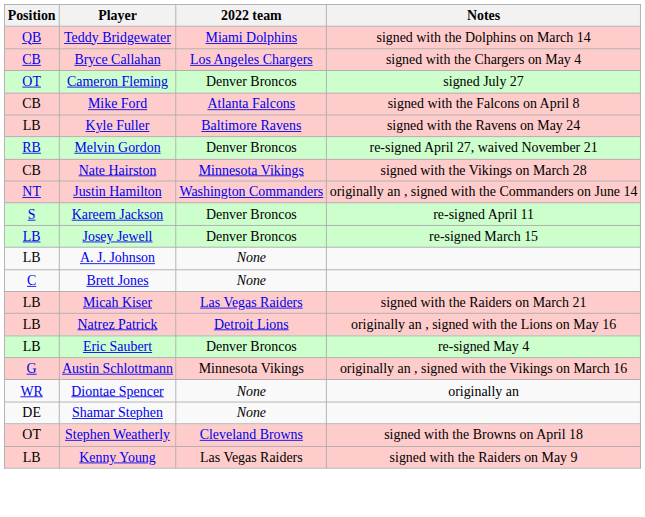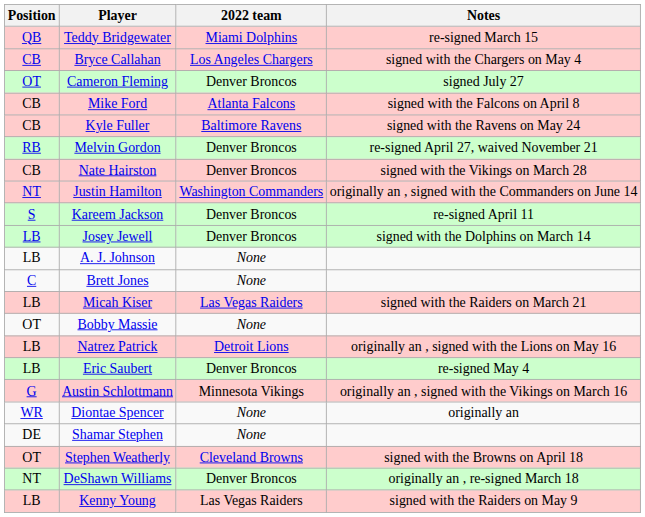 <table class="wikitable" style="text-align:center">
 <tr>
 <th>Position</th>
 <th>Player</th>
 <th>2022 team</th>
 <th>Notes</th>
 </tr>
 <tr style="background:#fcc">
 <td><a href='#'>QB</a></td>
 <td><a href='#'>Teddy Bridgewater</a></td>
 <td><a href='#'>Miami Dolphins</a></td>
-<td>signed with the Dolphins on March 14</td>
+<td>re-signed March 15</td>
 </tr>
 <tr style="background:#fcc">
 <td><a href='#'>CB</a></td>
 <td><a href='#'>Bryce Callahan</a></td>
 <td><a href='#'>Los Angeles Chargers</a></td>
 <td>signed with the Chargers on May 4</td>
 </tr>
 <tr style="background:#cfc">
 <td><a href='#'>OT</a></td>
 <td><a href='#'>Cameron Fleming</a></td>
 <td>Denver Broncos</td>
 <td>signed July 27</td>
 </tr>
 <tr style="background:#fcc">
 <td>CB</td>
 <td><a href='#'>Mike Ford</a></td>
 <td><a href='#'>Atlanta Falcons</a></td>
 <td>signed with the Falcons on April 8</td>
 </tr>
 <tr style="background:#fcc">
-<td>LB</td>
+<td>CB</td>
 <td><a href='#'>Kyle Fuller</a></td>
 <td><a href='#'>Baltimore Ravens</a></td>
 <td>signed with the Ravens on May 24</td>
 </tr>
 <tr style="background:#cfc">
 <td><a href='#'>RB</a></td>
 <td><a href='#'>Melvin Gordon</a></td>
 <td>Denver Broncos</td>
 <td>re-signed April 27, waived November 21</td>
 </tr>
 <tr style="background:#fcc">
 <td>CB</td>
 <td><a href='#'>Nate Hairston</a></td>
-<td><a href='#'>Minnesota Vikings</a></td>
+<td>Denver Broncos</td>
 <td>signed with the Vikings on March 28</td>
 </tr>
 <tr style="background:#fcc">
 <td><a href='#'>NT</a></td>
 <td><a href='#'>Justin Hamilton</a></td>
 <td><a href='#'>Washington Commanders</a></td>
 <td>originally an , signed with the Commanders on June 14</td>
 </tr>
 <tr style="background:#cfc">
 <td><a href='#'>S</a></td>
 <td><a href='#'>Kareem Jackson</a></td>
 <td>Denver Broncos</td>
 <td>re-signed April 11</td>
 </tr>
 <tr style="background:#cfc">
 <td><a href='#'>LB</a></td>
 <td><a href='#'>Josey Jewell</a></td>
 <td>Denver Broncos</td>
-<td>re-signed March 15</td>
+<td>signed with the Dolphins on March 14</td>
 </tr>
 <tr style="background:#">
 <td>LB</td>
 <td><a href='#'>A. J. Johnson</a></td>
 <td><em>None</em></td>
 <td></td>
 </tr>
 <tr style="background:#">
 <td><a href='#'>C</a></td>
 <td><a href='#'>Brett Jones</a></td>
 <td><em>None</em></td>
 <td></td>
 </tr>
 <tr style="background:#fcc">
 <td>LB</td>
 <td><a href='#'>Micah Kiser</a></td>
 <td><a href='#'>Las Vegas Raiders</a></td>
 <td>signed with the Raiders on March 21</td>
+</tr>
+<tr style="background:#">
+<td>OT</td>
+<td><a href='#'>Bobby Massie</a></td>
+<td><em>None</em></td>
+<td></td>
 </tr>
 <tr style="background:#fcc">
 <td>LB</td>
 <td><a href='#'>Natrez Patrick</a></td>
 <td><a href='#'>Detroit Lions</a></td>
 <td>originally an , signed with the Lions on May 16</td>
 </tr>
 <tr style="background:#cfc">
 <td>LB</td>
 <td><a href='#'>Eric Saubert</a></td>
 <td>Denver Broncos</td>
 <td>re-signed May 4</td>
 </tr>
 <tr style="background:#fcc">
 <td><a href='#'>G</a></td>
 <td><a href='#'>Austin Schlottmann</a></td>
 <td>Minnesota Vikings</td>
 <td>originally an , signed with the Vikings on March 16</td>
 </tr>
 <tr style="background:#">
 <td><a href='#'>WR</a></td>
 <td><a href='#'>Diontae Spencer</a></td>
 <td><em>None</em></td>
 <td>originally an </td>
 </tr>
 <tr style="background:#">
 <td>DE</td>
 <td><a href='#'>Shamar Stephen</a></td>
 <td><em>None</em></td>
 <td></td>
 </tr>
 <tr style="background:#fcc">
 <td>OT</td>
 <td><a href='#'>Stephen Weatherly</a></td>
 <td><a href='#'>Cleveland Browns</a></td>
 <td>signed with the Browns on April 18</td>
 </tr>
+<tr style="background:#cfc">
+<td>NT</td>
+<td><a href='#'>DeShawn Williams</a></td>
+<td>Denver Broncos</td>
+<td>originally an , re-signed March 18</td>
+</tr>
 <tr style="background:#fcc">
 <td>LB</td>
 <td><a href='#'>Kenny Young</a></td>
 <td>Las Vegas Raiders</td>
 <td>signed with the Raiders on May 9</td>
 </tr>
 </table>
